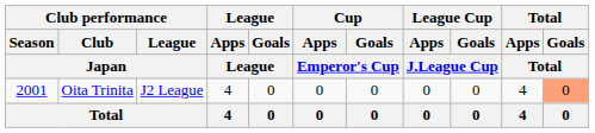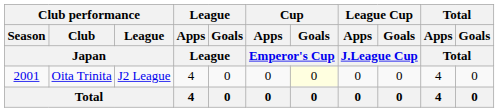 <table class="wikitable" style="text-align:center;">
 <tr>
 <th colspan=3>Club performance</th>
 <th colspan=2>League</th>
 <th colspan=2>Cup</th>
 <th colspan=2>League Cup</th>
 <th colspan=2>Total</th>
 </tr>
 <tr>
 <th>Season</th>
 <th>Club</th>
 <th>League</th>
 <th>Apps</th>
 <th>Goals</th>
 <th>Apps</th>
 <th>Goals</th>
 <th>Apps</th>
 <th>Goals</th>
 <th>Apps</th>
 <th>Goals</th>
 </tr>
 <tr>
 <th colspan=3>Japan</th>
 <th colspan=2>League</th>
 <th colspan=2><a href='#'>Emperor's Cup</a></th>
 <th colspan=2><a href='#'>J.League Cup</a></th>
 <th colspan=2>Total</th>
 </tr>
 <tr>
 <td><a href='#'>2001</a></td>
 <td><a href='#'>Oita Trinita</a></td>
 <td><a href='#'>J2 League</a></td>
 <td>4</td>
 <td>0</td>
 <td>0</td>
-<td>0</td>
+<td style="background: lightyellow;">0</td>
 <td>0</td>
 <td>0</td>
 <td>4</td>
-<td style="background: lightsalmon;">0</td>
+<td>0</td>
 </tr>
 <tr>
 <th colspan=3>Total</th>
 <th>4</th>
 <th>0</th>
 <th>0</th>
 <th>0</th>
 <th>0</th>
 <th>0</th>
 <th>4</th>
 <th>0</th>
 </tr>
 </table>
